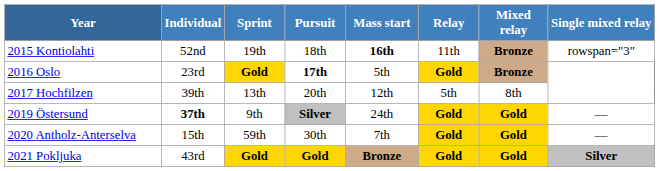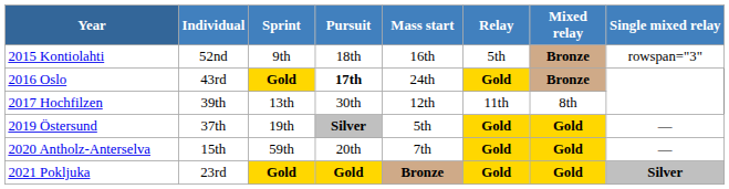 <table class="wikitable" style="font-size:95%; text-align:center; border:grey solid 1px; border-collapse:collapse; background:#ffffff;">
 <tr>
 <th style="background-color:#369; color:white;    width:180px;">Year</th>
 <th style="background-color:#4180be; color:white; width:65px;">Individual</th>
 <th style="background-color:#4180be; color:white; width:65px;">Sprint</th>
 <th style="background-color:#4180be; color:white; width:65px;">Pursuit</th>
 <th style="background-color:#4180be; color:white; width:80px;">Mass start</th>
 <th style="background-color:#4180be; color:white; width:65px;">Relay</th>
 <th style="background-color:#4180be; color:white; width:75px;">Mixed relay</th>
 <th style="background-color:#4180be; color:white; width:120px;">Single mixed relay</th>
 </tr>
 <tr>
 <td align=left> <a href='#'>2015 Kontiolahti</a></td>
 <td>52nd</td>
-<td>19th</td>
+<td>9th</td>
 <td>18th</td>
-<td><strong>16th</strong></td>
-<td>11th</td>
+<td>16th</td>
+<td>5th</td>
 <td style="background:#cfaa88;"><strong>Bronze</strong></td>
 <td>rowspan="3" </td>
 </tr>
 <tr>
 <td align=left> <a href='#'>2016 Oslo</a></td>
-<td>23rd</td>
+<td>43rd</td>
 <td style="background:gold;"><strong>Gold</strong></td>
 <td><strong>17th</strong></td>
-<td>5th</td>
+<td>24th</td>
 <td style="background:gold;"><strong>Gold</strong></td>
 <td style="background:#cfaa88;"><strong>Bronze</strong></td>
 </tr>
 <tr>
 <td align=left> <a href='#'>2017 Hochfilzen</a></td>
 <td>39th</td>
 <td>13th</td>
-<td>20th</td>
+<td>30th</td>
 <td>12th</td>
-<td>5th</td>
+<td>11th</td>
 <td>8th</td>
 </tr>
 <tr>
 <td align=left> <a href='#'>2019 Östersund</a></td>
-<td><strong>37th</strong></td>
-<td>9th</td>
+<td>37th</td>
+<td>19th</td>
 <td style="background:silver;"><strong>Silver</strong></td>
-<td>24th</td>
+<td>5th</td>
 <td style="background:gold;"><strong>Gold</strong></td>
 <td style="background:gold;"><strong>Gold</strong></td>
 <td>—</td>
 </tr>
 <tr>
 <td align=left> <a href='#'>2020 Antholz-Anterselva</a></td>
 <td>15th</td>
 <td>59th</td>
-<td>30th</td>
+<td>20th</td>
 <td>7th</td>
 <td style="background:gold;"><strong>Gold</strong></td>
 <td style="background:gold;"><strong>Gold</strong></td>
 <td>—</td>
 </tr>
 <tr>
 <td align=left> <a href='#'>2021 Pokljuka</a></td>
-<td>43rd</td>
+<td>23rd</td>
 <td style="background:gold;"><strong>Gold</strong></td>
 <td style="background:gold;"><strong>Gold</strong></td>
 <td style="background:#cfaa88;"><strong>Bronze</strong></td>
 <td style="background:gold;"><strong>Gold</strong></td>
 <td style="background:gold;"><strong>Gold</strong></td>
 <td style="background:silver;"><strong>Silver</strong></td>
 </tr>
 </table>
